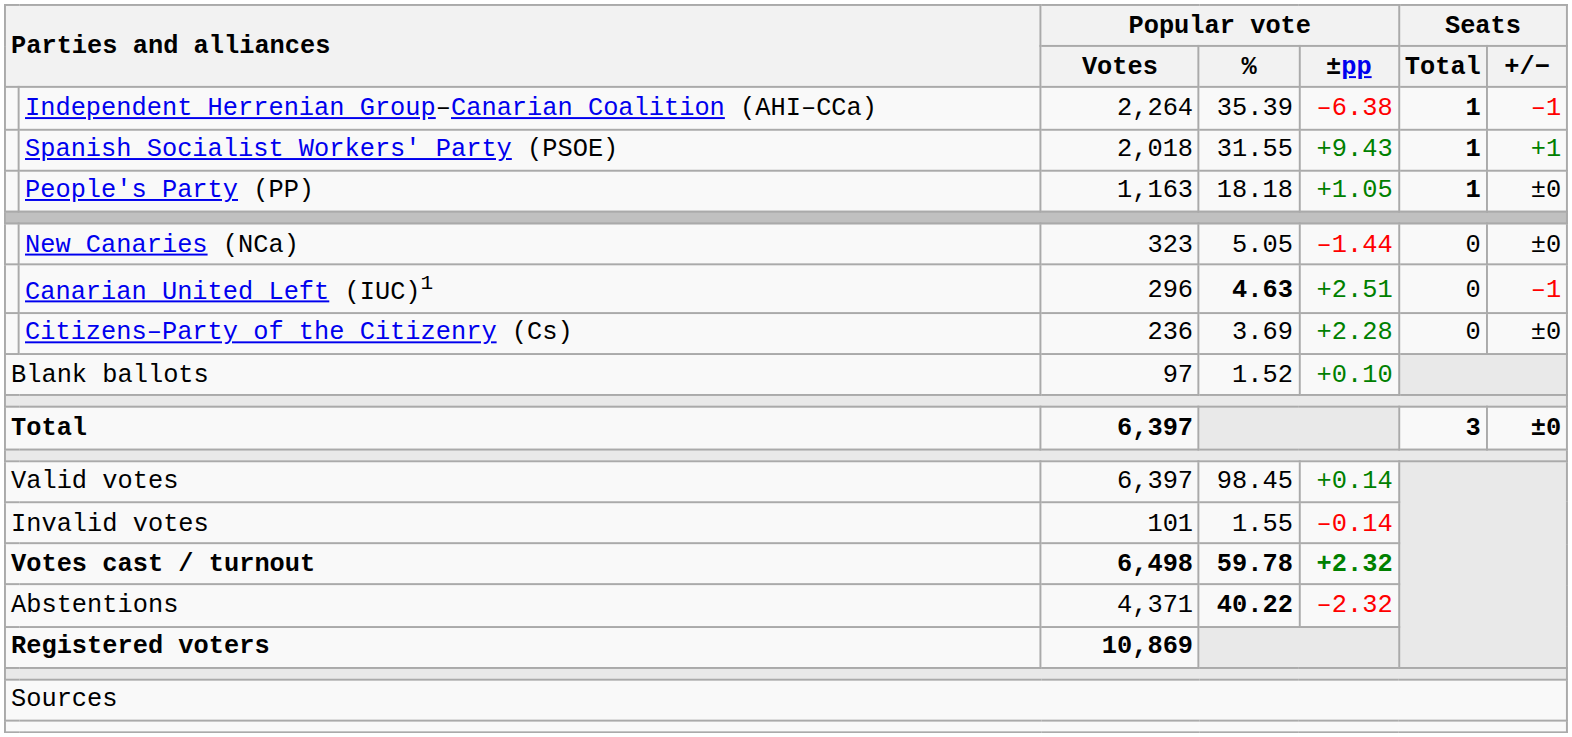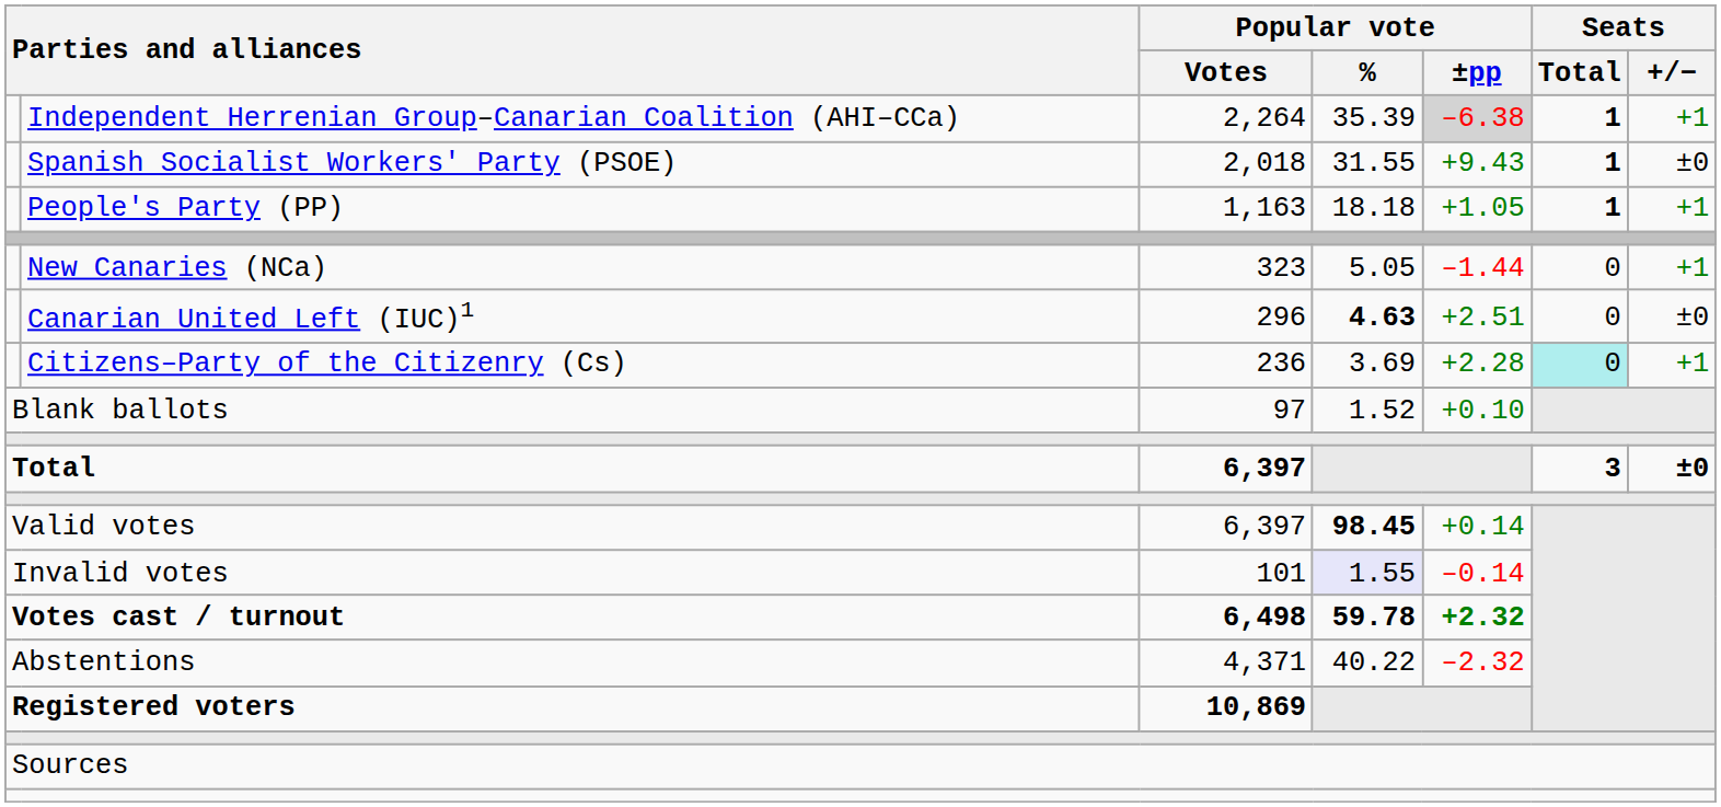 <table class="wikitable" style="text-align:right;">
 <tr>
 <th style="text-align:left;" rowspan="2" colspan="2" width="525">Parties and alliances</th>
 <th colspan="3">Popular vote</th>
 <th colspan="2">Seats</th>
 </tr>
 <tr>
 <th width="75">Votes</th>
 <th width="45">%</th>
 <th width="45">±<a href='#'>pp</a></th>
 <th width="35">Total</th>
 <th width="35">+/−</th>
 </tr>
 <tr>
 <td width="1" style="color:inherit;background:"></td>
 <td align="left"><a href='#'>Independent Herrenian Group</a>–<a href='#'>Canarian Coalition</a> (AHI–CCa)</td>
 <td>2,264</td>
 <td>35.39</td>
-<td style="color:red;">–6.38</td>
+<td style="background: lightgrey; color:red;">–6.38</td>
 <td><strong>1</strong></td>
-<td style="color:red;">–1</td>
+<td style="color:green;">+1</td>
 </tr>
 <tr>
 <td style="color:inherit;background:"></td>
 <td align="left"><a href='#'>Spanish Socialist Workers' Party</a> (PSOE)</td>
 <td>2,018</td>
 <td>31.55</td>
 <td style="color:green;">+9.43</td>
 <td><strong>1</strong></td>
-<td style="color:green;">+1</td>
+<td>±0</td>
 </tr>
 <tr>
 <td style="color:inherit;background:"></td>
 <td align="left"><a href='#'>People's Party</a> (PP)</td>
 <td>1,163</td>
 <td>18.18</td>
 <td style="color:green;">+1.05</td>
 <td><strong>1</strong></td>
-<td>±0</td>
+<td style="color:green;">+1</td>
 </tr>
 <tr>
 <td colspan="7" bgcolor="#C0C0C0"></td>
 </tr>
 <tr>
 <td style="color:inherit;background:"></td>
 <td align="left"><a href='#'>New Canaries</a> (NCa)</td>
 <td>323</td>
 <td>5.05</td>
 <td style="color:red;">–1.44</td>
 <td>0</td>
-<td>±0</td>
+<td style="color:green;">+1</td>
 </tr>
 <tr>
 <td style="color:inherit;background:"></td>
 <td align="left"><a href='#'>Canarian United Left</a> (IUC)<sup>1</sup></td>
 <td>296</td>
 <td><strong>4.63</strong></td>
 <td style="color:green;">+2.51</td>
 <td>0</td>
-<td style="color:red;">–1</td>
+<td>±0</td>
 </tr>
 <tr>
 <td style="color:inherit;background:"></td>
 <td align="left"><a href='#'>Citizens–Party of the Citizenry</a> (Cs)</td>
 <td>236</td>
 <td>3.69</td>
 <td style="color:green;">+2.28</td>
-<td>0</td>
-<td>±0</td>
+<td style="background: paleturquoise;">0</td>
+<td style="color:green;">+1</td>
 </tr>
 <tr>
 <td align="left" colspan="2">Blank ballots</td>
 <td>97</td>
 <td>1.52</td>
 <td style="color:green;">+0.10</td>
 <td bgcolor="#E9E9E9" colspan="2"></td>
 </tr>
 <tr>
 <td colspan="7" bgcolor="#E9E9E9"></td>
 </tr>
 <tr style="font-weight:bold;">
 <td align="left" colspan="2">Total</td>
 <td>6,397</td>
 <td bgcolor="#E9E9E9" colspan="2"></td>
 <td>3</td>
 <td>±0</td>
 </tr>
 <tr>
 <td colspan="7" bgcolor="#E9E9E9"></td>
 </tr>
 <tr>
 <td align="left" colspan="2">Valid votes</td>
 <td>6,397</td>
-<td>98.45</td>
+<td><strong>98.45</strong></td>
 <td style="color:green;">+0.14</td>
 <td bgcolor="#E9E9E9" colspan="2" rowspan="5"></td>
 </tr>
 <tr>
 <td align="left" colspan="2">Invalid votes</td>
 <td>101</td>
-<td>1.55</td>
+<td style="background: lavender;">1.55</td>
 <td style="color:red;">–0.14</td>
 </tr>
 <tr style="font-weight:bold;">
 <td align="left" colspan="2">Votes cast / turnout</td>
 <td>6,498</td>
 <td>59.78</td>
 <td style="color:green;">+2.32</td>
 </tr>
 <tr>
 <td align="left" colspan="2">Abstentions</td>
 <td>4,371</td>
-<td><strong>40.22</strong></td>
+<td>40.22</td>
 <td style="color:red;">–2.32</td>
 </tr>
 <tr style="font-weight:bold;">
 <td align="left" colspan="2">Registered voters</td>
 <td>10,869</td>
 <td bgcolor="#E9E9E9" colspan="2"></td>
 </tr>
 <tr>
 <td colspan="7" bgcolor="#E9E9E9"></td>
 </tr>
 <tr>
 <td align="left" colspan="7">Sources</td>
 </tr>
 <tr>
 <td colspan="9" style="text-align:left;font-size:95%;max-width:790px;"></td>
 </tr>
 </table>
